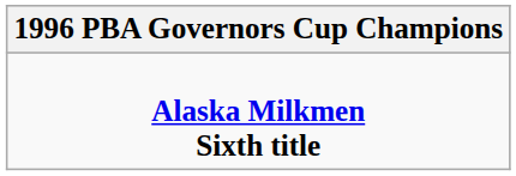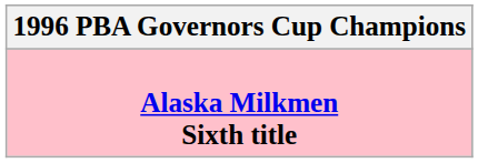 <table class=wikitable style="text-align:center; margin:auto">
 <tr>
 <th>1996 PBA Governors Cup Champions</th>
 </tr>
 <tr>
-<td><br> <strong><a href='#'>Alaska Milkmen</a></strong> <br> <strong>Sixth title</strong></td>
+<td style="background: pink;"><br> <strong><a href='#'>Alaska Milkmen</a></strong> <br> <strong>Sixth title</strong></td>
 </tr>
 </table>
